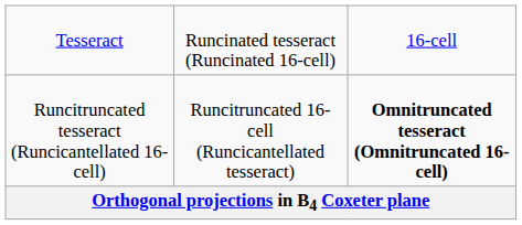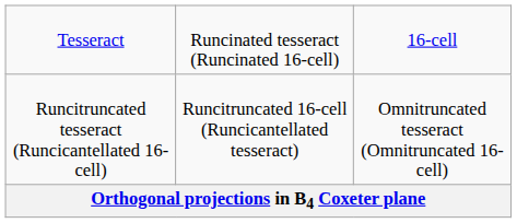 <table class=wikitable style="float:right; margin-left:8px; width:450px">
 <tr align=center valign=top>
 <td><br><a href='#'>Tesseract</a><br></td>
 <td><br>Runcinated tesseract<br>(Runcinated 16-cell)<br></td>
 <td><br><a href='#'>16-cell</a><br></td>
 </tr>
 <tr align=center valign=top>
 <td><br>Runcitruncated tesseract<br>(Runcicantellated 16-cell)<br></td>
 <td><br>Runcitruncated 16-cell<br>(Runcicantellated tesseract)<br></td>
-<td><strong><br>Omnitruncated tesseract<br>(Omnitruncated 16-cell)<br></strong></td>
+<td><br>Omnitruncated tesseract<br>(Omnitruncated 16-cell)<br></td>
 </tr>
 <tr>
 <th colspan=3><a href='#'>Orthogonal projections</a> in B<sub>4</sub> <a href='#'>Coxeter plane</a></th>
 </tr>
 </table>
